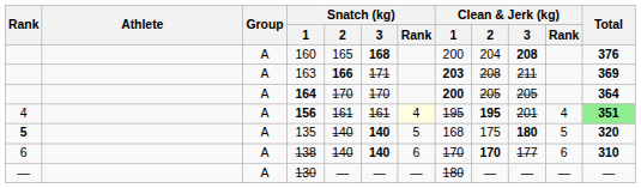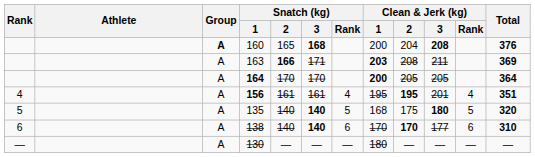 <table class = "wikitable" style="text-align:center;">
 <tr>
 <th rowspan=2 width=40>Rank</th>
 <th rowspan=2 width=250>Athlete</th>
 <th rowspan=2 width=50>Group</th>
 <th colspan=4>Snatch (kg)</th>
 <th colspan=4>Clean & Jerk (kg)</th>
 <th rowspan=2 width=60>Total</th>
 </tr>
 <tr>
 <th width=40>1</th>
 <th width=40>2</th>
 <th width=40>3</th>
 <th width=40>Rank</th>
 <th width=40>1</th>
 <th width=40>2</th>
 <th width=40>3</th>
 <th width=40>Rank</th>
 </tr>
 <tr>
 <td></td>
 <td align=left></td>
-<td>A</td>
+<td><strong>A</strong></td>
 <td>160</td>
 <td>165</td>
 <td><strong>168</strong></td>
 <td></td>
 <td>200</td>
 <td>204</td>
 <td><strong>208</strong></td>
 <td></td>
 <td><strong>376</strong></td>
 </tr>
 <tr>
 <td></td>
 <td align=left></td>
 <td>A</td>
 <td>163</td>
 <td><strong>166</strong></td>
 <td><s>171</s></td>
 <td></td>
 <td><strong>203</strong></td>
 <td><s>208</s></td>
 <td><s>211</s></td>
 <td></td>
 <td><strong>369</strong></td>
 </tr>
 <tr>
 <td></td>
 <td align=left></td>
 <td>A</td>
 <td><strong>164</strong></td>
 <td><s>170</s></td>
 <td><s>170</s></td>
 <td></td>
 <td><strong>200</strong></td>
 <td><s>205</s></td>
 <td><s>205</s></td>
 <td></td>
 <td><strong>364</strong></td>
 </tr>
 <tr>
 <td>4</td>
 <td align=left></td>
 <td>A</td>
 <td><strong>156</strong></td>
 <td><s>161</s></td>
 <td><s>161</s></td>
-<td style="background: lightyellow;">4</td>
+<td>4</td>
 <td><s>195</s></td>
 <td><strong>195</strong></td>
 <td><s>201</s></td>
 <td>4</td>
-<td style="background: lightgreen;"><strong>351</strong></td>
+<td><strong>351</strong></td>
 </tr>
 <tr>
-<td><strong>5</strong></td>
+<td>5</td>
 <td align=left></td>
 <td>A</td>
 <td>135</td>
 <td><s>140</s></td>
 <td><strong>140</strong></td>
 <td>5</td>
 <td>168</td>
 <td>175</td>
 <td><strong>180</strong></td>
 <td>5</td>
 <td><strong>320</strong></td>
 </tr>
 <tr>
 <td>6</td>
 <td align=left></td>
 <td>A</td>
 <td><s>138</s></td>
 <td><s>140</s></td>
 <td><strong>140</strong></td>
 <td>6</td>
 <td><s>170</s></td>
 <td><strong>170</strong></td>
 <td><s>177</s></td>
 <td>6</td>
 <td><strong>310</strong></td>
 </tr>
 <tr>
 <td>—</td>
 <td align=left></td>
 <td>A</td>
 <td><s>130</s></td>
 <td>—</td>
 <td>—</td>
 <td>—</td>
 <td><s>180</s></td>
 <td>—</td>
 <td>—</td>
 <td>—</td>
 <td>—</td>
 </tr>
 </table>
